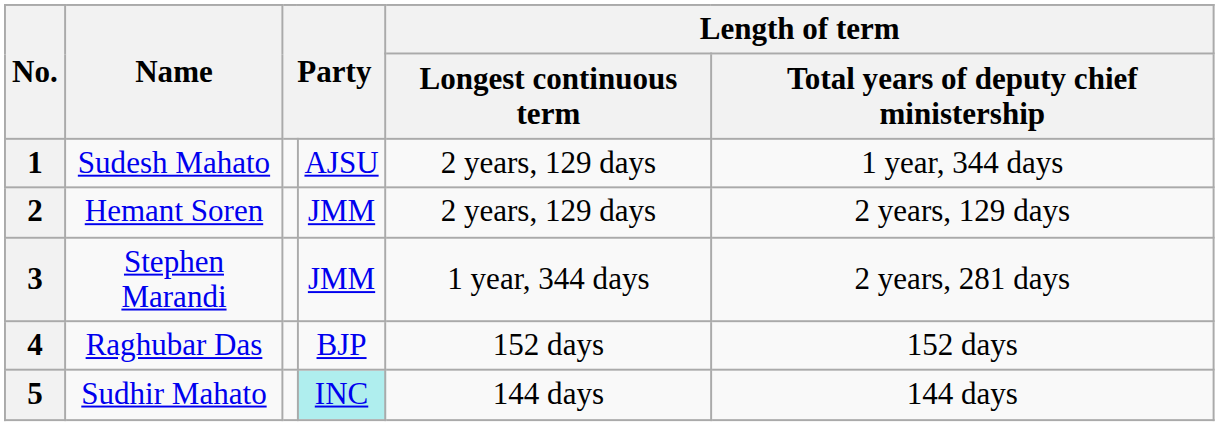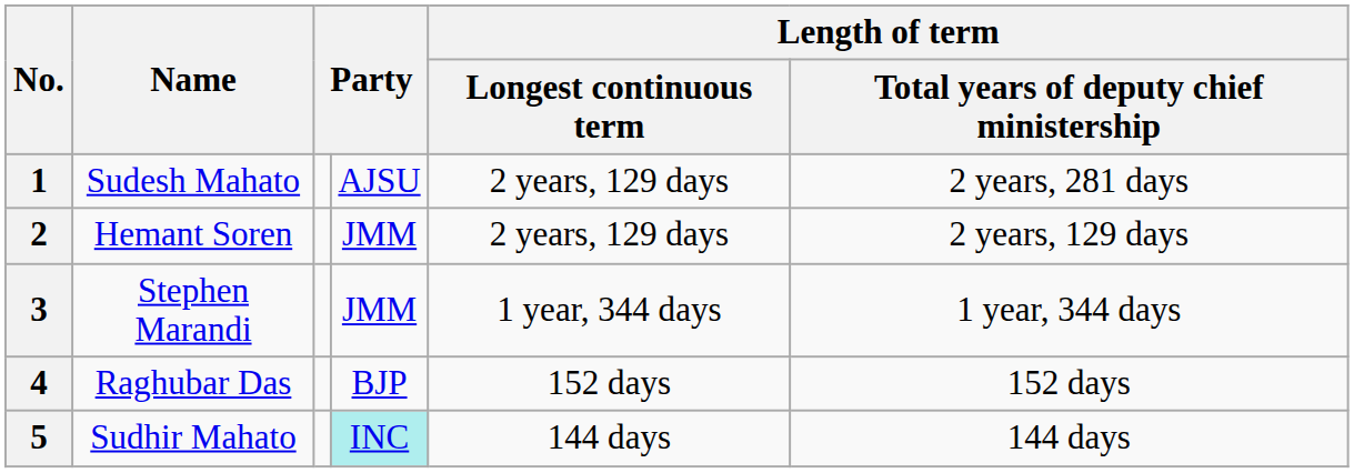 <table class="wikitable sortable" style="width:100%; text-align:center">
 <tr>
 <th rowspan=2>No.</th>
 <th rowspan=2>Name</th>
 <th rowspan=2 colspan=2>Party</th>
 <th colspan=2>Length of term</th>
 </tr>
 <tr>
 <th>Longest continuous term</th>
 <th>Total years of deputy chief ministership</th>
 </tr>
 <tr>
 <th>1</th>
 <td><a href='#'>Sudesh Mahato</a></td>
 <td style="background-color:"></td>
 <td><a href='#'>AJSU</a></td>
 <td>2 years, 129 days</td>
-<td>1 year, 344 days</td>
+<td>2 years, 281 days</td>
 </tr>
 <tr>
 <th>2</th>
 <td><a href='#'>Hemant Soren</a></td>
 <td style="background-color:"></td>
 <td><a href='#'>JMM</a></td>
 <td>2 years, 129 days</td>
 <td>2 years, 129 days</td>
 </tr>
 <tr>
 <th>3</th>
 <td><a href='#'>Stephen Marandi</a></td>
 <td style="background-color:"></td>
 <td><a href='#'>JMM</a></td>
 <td>1 year, 344 days</td>
-<td>2 years, 281 days</td>
+<td>1 year, 344 days</td>
 </tr>
 <tr>
 <th>4</th>
 <td><a href='#'>Raghubar Das</a></td>
 <td style="background-color:"></td>
 <td><a href='#'>BJP</a></td>
 <td>152 days</td>
 <td>152 days</td>
 </tr>
 <tr>
 <th>5</th>
 <td><a href='#'>Sudhir Mahato</a></td>
 <td style="background-color:"></td>
 <td style="background: paleturquoise;"><a href='#'>INC</a></td>
 <td>144 days</td>
 <td>144 days</td>
 </tr>
 </table>
